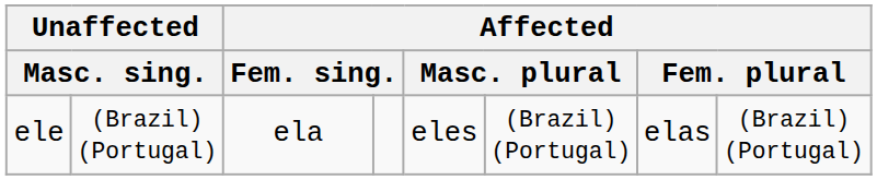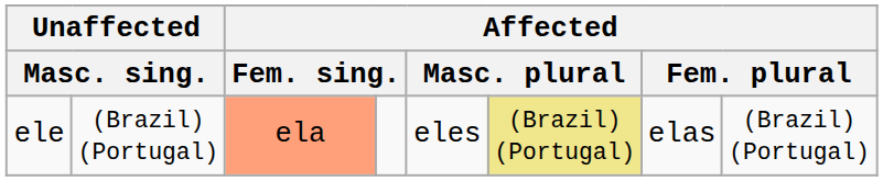 <table class="wikitable" style="margin: 1em auto 1em auto; text-align:center;">
 <tr>
 <th colspan=2>Unaffected</th>
 <th colspan=6>Affected</th>
 </tr>
 <tr>
 <th colspan=2>Masc. sing.</th>
 <th colspan=2>Fem. sing.</th>
 <th colspan=2>Masc. plural</th>
 <th colspan=2>Fem. plural</th>
 </tr>
 <tr>
 <td>ele</td>
 <td> <small>(Brazil)</small><br> <small>(Portugal)</small></td>
-<td>ela</td>
+<td style="background: lightsalmon;">ela</td>
 <td></td>
 <td>eles</td>
-<td> <small>(Brazil)</small><br> <small>(Portugal)</small></td>
+<td style="background: khaki;"> <small>(Brazil)</small><br> <small>(Portugal)</small></td>
 <td>elas</td>
 <td> <small>(Brazil)</small><br> <small>(Portugal)</small></td>
 </tr>
 </table>
